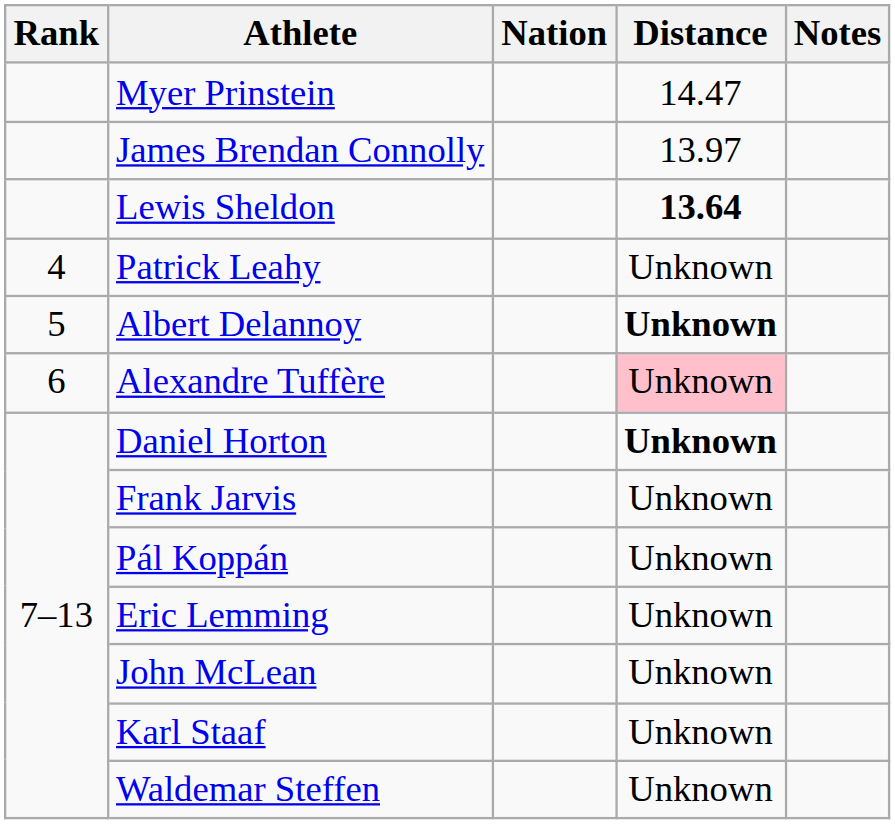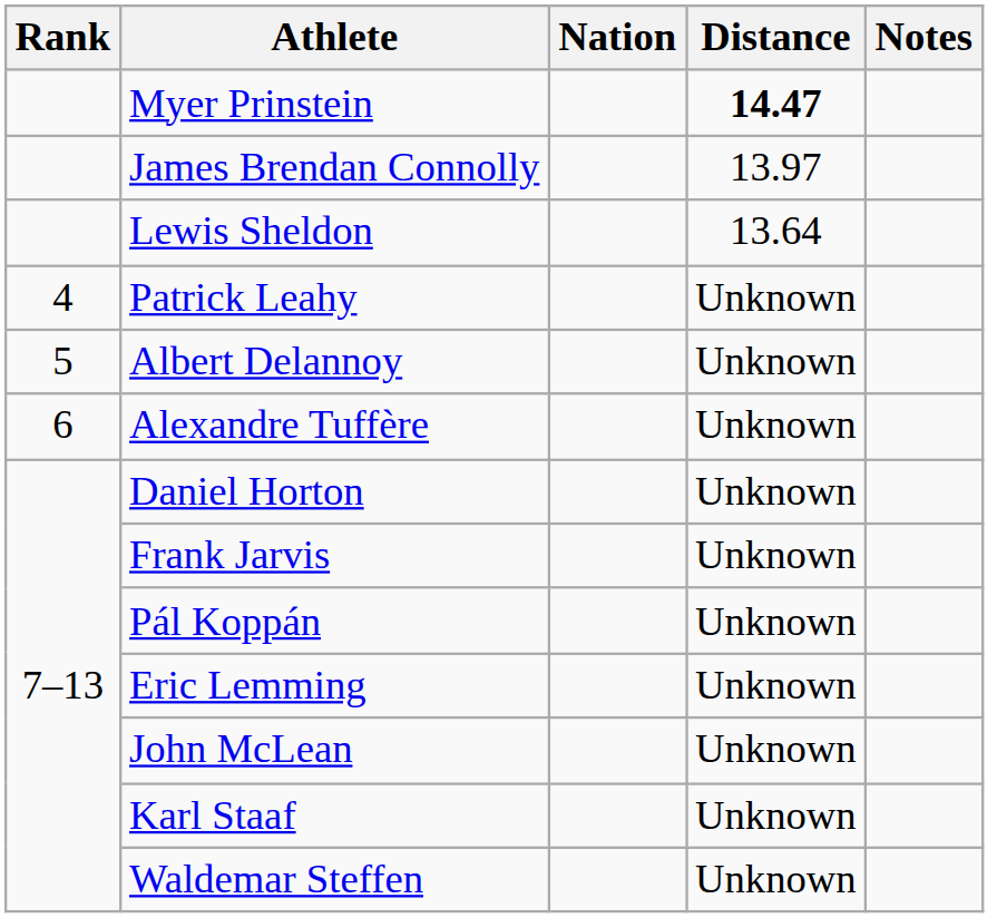 <table class="wikitable sortable" style="text-align:center">
 <tr>
 <th>Rank</th>
 <th>Athlete</th>
 <th>Nation</th>
 <th>Distance</th>
 <th>Notes</th>
 </tr>
 <tr>
 <td></td>
 <td align=left><a href='#'>Myer Prinstein</a></td>
 <td align=left></td>
-<td>14.47</td>
+<td><strong>14.47</strong></td>
 <td></td>
 </tr>
 <tr>
 <td></td>
 <td align=left><a href='#'>James Brendan Connolly</a></td>
 <td align=left></td>
 <td>13.97</td>
 <td></td>
 </tr>
 <tr>
 <td></td>
 <td align=left><a href='#'>Lewis Sheldon</a></td>
 <td align=left></td>
-<td><strong>13.64</strong></td>
+<td>13.64</td>
 <td></td>
 </tr>
 <tr>
 <td>4</td>
 <td align=left><a href='#'>Patrick Leahy</a></td>
 <td align=left></td>
 <td>Unknown</td>
 <td></td>
 </tr>
 <tr>
 <td>5</td>
 <td align=left><a href='#'>Albert Delannoy</a></td>
 <td align=left></td>
-<td><strong>Unknown</strong></td>
+<td>Unknown</td>
 <td></td>
 </tr>
 <tr>
 <td>6</td>
 <td align=left><a href='#'>Alexandre Tuffère</a></td>
 <td align=left></td>
-<td style="background: pink;">Unknown</td>
+<td>Unknown</td>
 <td></td>
 </tr>
 <tr>
 <td rowspan=7 align=center>7–13</td>
 <td align=left><a href='#'>Daniel Horton</a></td>
 <td align=left></td>
-<td><strong>Unknown</strong></td>
+<td>Unknown</td>
 <td></td>
 </tr>
 <tr>
 <td align=left><a href='#'>Frank Jarvis</a></td>
 <td align=left></td>
 <td>Unknown</td>
 <td></td>
 </tr>
 <tr>
 <td align=left><a href='#'>Pál Koppán</a></td>
 <td align=left></td>
 <td>Unknown</td>
 <td></td>
 </tr>
 <tr>
 <td align=left><a href='#'>Eric Lemming</a></td>
 <td align=left></td>
 <td>Unknown</td>
 <td></td>
 </tr>
 <tr>
 <td align=left><a href='#'>John McLean</a></td>
 <td align=left></td>
 <td>Unknown</td>
 <td></td>
 </tr>
 <tr>
 <td align=left><a href='#'>Karl Staaf</a></td>
 <td align=left></td>
 <td>Unknown</td>
 <td></td>
 </tr>
 <tr>
 <td align=left><a href='#'>Waldemar Steffen</a></td>
 <td align=left></td>
 <td>Unknown</td>
 <td></td>
 </tr>
 </table>
